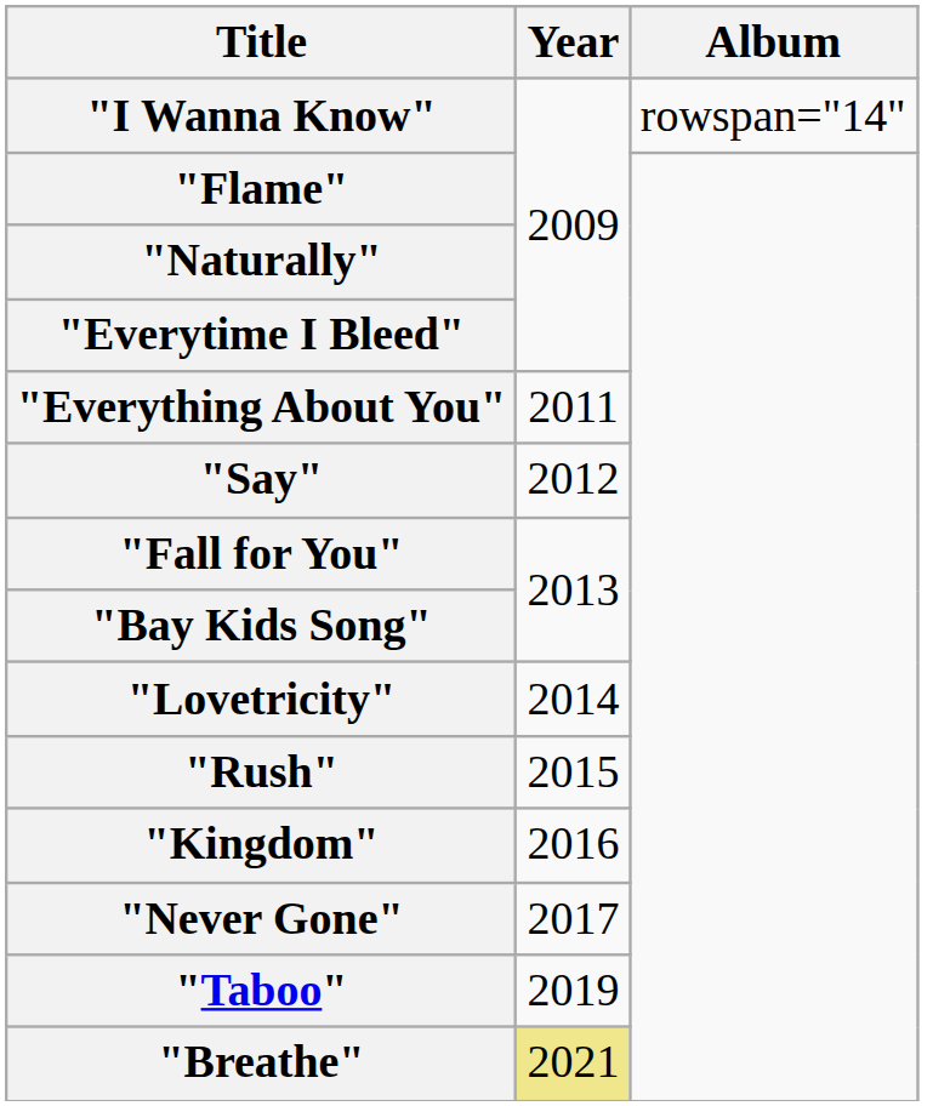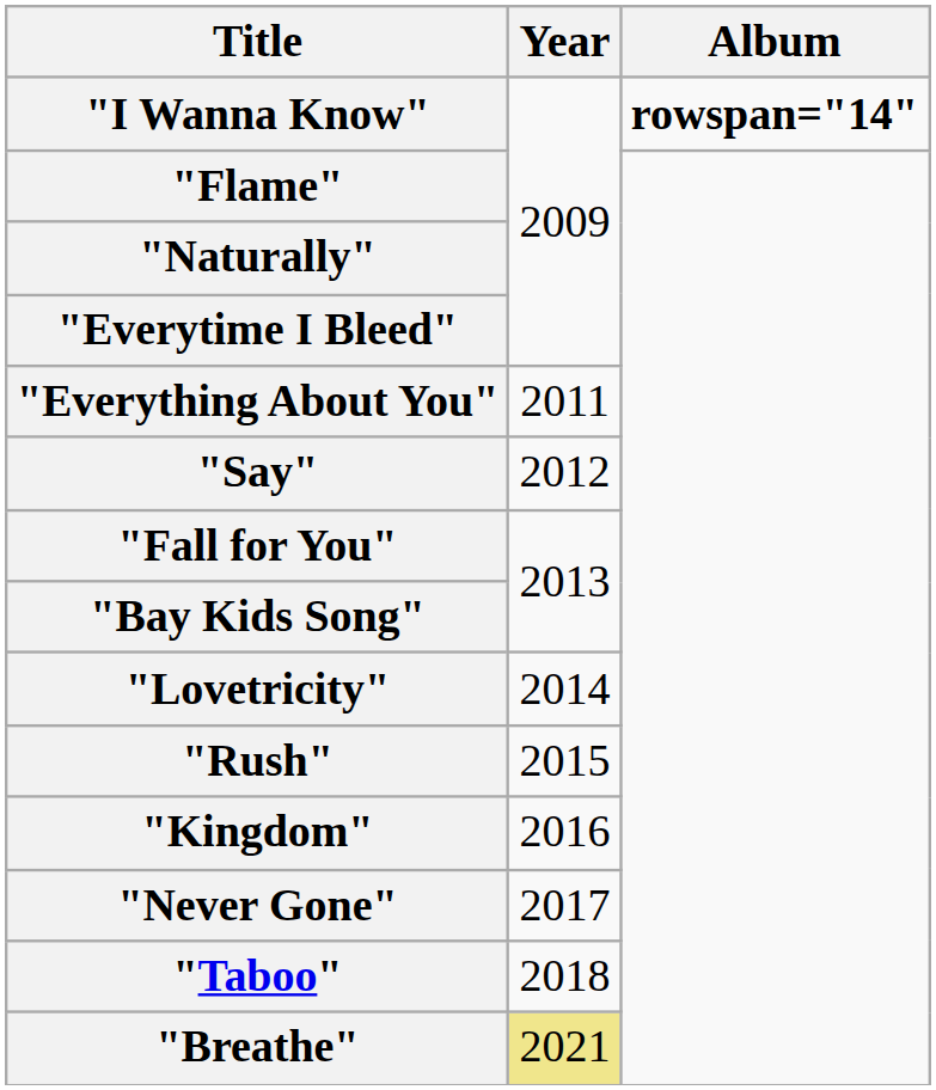 <table class="wikitable plainrowheaders" style="text-align:center;">
 <tr>
 <th scope="col">Title</th>
 <th scope="col">Year</th>
 <th scope="col">Album</th>
 </tr>
 <tr>
 <th scope="row">"I Wanna Know"</th>
 <td rowspan="4">2009</td>
-<td>rowspan="14" </td>
+<td><strong>rowspan="14" </strong></td>
 </tr>
 <tr>
 <th scope="row">"Flame"</th>
 </tr>
 <tr>
 <th scope="row">"Naturally"</th>
 </tr>
 <tr>
 <th scope="row">"Everytime I Bleed"</th>
 </tr>
 <tr>
 <th scope="row">"Everything About You"</th>
 <td rowspan="1">2011</td>
 </tr>
 <tr>
 <th scope="row">"Say"</th>
 <td rowspan="1">2012</td>
 </tr>
 <tr>
 <th scope="row">"Fall for You"</th>
 <td rowspan="2">2013</td>
 </tr>
 <tr>
 <th scope="row">"Bay Kids Song"</th>
 </tr>
 <tr>
 <th scope="row">"Lovetricity"</th>
 <td rowspan="1">2014</td>
 </tr>
 <tr>
 <th scope="row">"Rush"</th>
 <td rowspan="1">2015</td>
 </tr>
 <tr>
 <th scope="row">"Kingdom"</th>
 <td rowspan="1">2016</td>
 </tr>
 <tr>
 <th scope="row">"Never Gone"</th>
 <td rowspan="1">2017</td>
 </tr>
 <tr>
 <th scope="row">"<a href='#'>Taboo</a>"</th>
-<td rowspan="1">2019</td>
+<td rowspan="1">2018</td>
 </tr>
 <tr>
 <th scope="row">"Breathe"</th>
 <td rowspan="1" style="background: khaki;">2021</td>
 </tr>
 </table>
